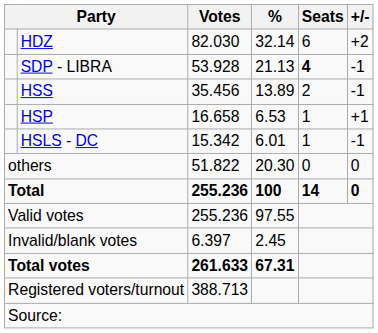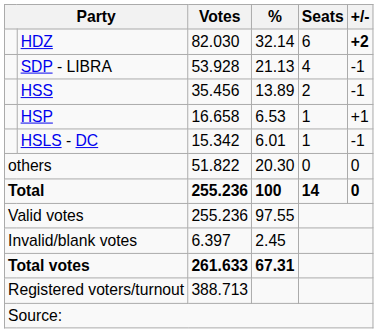 <table class="wikitable" style="text-align: left;">
 <tr>
 <th colspan="2">Party</th>
 <th>Votes</th>
 <th>%</th>
 <th>Seats</th>
 <th>+/-</th>
 </tr>
 <tr>
 <td style="background-color: "></td>
 <td><a href='#'>HDZ</a></td>
 <td>82.030</td>
 <td>32.14</td>
 <td>6</td>
-<td>+2</td>
+<td><strong>+2</strong></td>
 </tr>
 <tr>
 <td style="background-color: "></td>
 <td><a href='#'>SDP</a> - LIBRA</td>
 <td>53.928</td>
 <td>21.13</td>
-<td><strong>4</strong></td>
+<td>4</td>
 <td>-1</td>
 </tr>
 <tr>
 <td style="background-color: "></td>
 <td><a href='#'>HSS</a></td>
 <td>35.456</td>
 <td>13.89</td>
 <td>2</td>
 <td>-1</td>
 </tr>
 <tr>
 <td style="background-color: "></td>
 <td><a href='#'>HSP</a></td>
 <td>16.658</td>
 <td>6.53</td>
 <td>1</td>
 <td>+1</td>
 </tr>
 <tr>
 <td style="background-color: "></td>
 <td><a href='#'>HSLS</a> - <a href='#'>DC</a></td>
 <td>15.342</td>
 <td>6.01</td>
 <td>1</td>
 <td>-1</td>
 </tr>
 <tr>
 <td colspan="2">others</td>
 <td>51.822</td>
 <td>20.30</td>
 <td>0</td>
 <td>0</td>
 </tr>
 <tr>
 <td colspan="2"><strong>Total</strong></td>
 <td><strong>255.236</strong></td>
 <td><strong>100</strong></td>
 <td><strong>14</strong></td>
 <td><strong>0</strong></td>
 </tr>
 <tr>
 <td colspan="2">Valid votes</td>
 <td>255.236</td>
 <td>97.55</td>
 <td colspan="2"></td>
 </tr>
 <tr>
 <td colspan="2">Invalid/blank votes</td>
 <td>6.397</td>
 <td>2.45</td>
 <td colspan="2"></td>
 </tr>
 <tr>
 <td colspan="2"><strong>Total votes</strong></td>
 <td><strong>261.633</strong></td>
 <td><strong>67.31</strong></td>
 <td colspan="2"></td>
 </tr>
 <tr>
 <td colspan="2">Registered voters/turnout</td>
 <td votes14="5343">388.713</td>
 <td></td>
 <td colspan="2"></td>
 </tr>
 <tr>
 <td colspan="6">Source: </td>
 </tr>
 </table>
